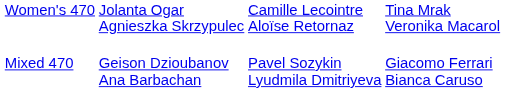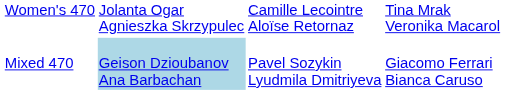 <table>
 <tr>
 <td><a href='#'>Women's 470</a></td>
 <td><br><a href='#'>Jolanta Ogar</a><br><a href='#'>Agnieszka Skrzypulec</a></td>
 <td><br><a href='#'>Camille Lecointre</a><br><a href='#'>Aloïse Retornaz</a></td>
 <td><br><a href='#'>Tina Mrak</a><br><a href='#'>Veronika Macarol</a></td>
 </tr>
 <tr>
 <td><a href='#'>Mixed 470</a></td>
-<td><br><a href='#'>Geison Dzioubanov</a><br><a href='#'>Ana Barbachan</a></td>
+<td style="background: lightblue;"><br><a href='#'>Geison Dzioubanov</a><br><a href='#'>Ana Barbachan</a></td>
 <td><br><a href='#'>Pavel Sozykin</a><br><a href='#'>Lyudmila Dmitriyeva</a></td>
 <td><br><a href='#'>Giacomo Ferrari</a><br><a href='#'>Bianca Caruso</a></td>
 </tr>
 </table>
